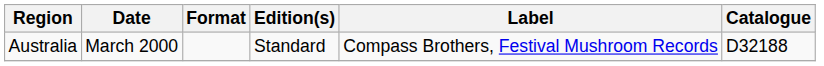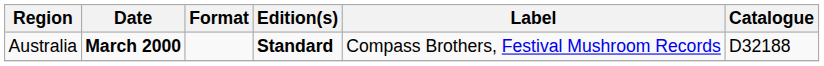 <table class="wikitable plainrowheaders">
 <tr>
 <th scope="col">Region</th>
 <th scope="col">Date</th>
 <th scope="col">Format</th>
 <th scope="col">Edition(s)</th>
 <th scope="col">Label</th>
 <th scope="col">Catalogue</th>
 </tr>
 <tr>
 <td>Australia</td>
-<td>March 2000</td>
+<td><strong>March 2000</strong></td>
 <td></td>
-<td>Standard</td>
+<td><strong>Standard</strong></td>
 <td>Compass Brothers, <a href='#'>Festival Mushroom Records</a></td>
 <td>D32188</td>
 </tr>
 <tr>
 </tr>
 </table>
